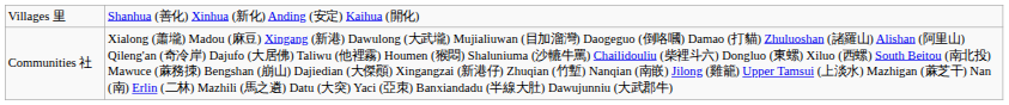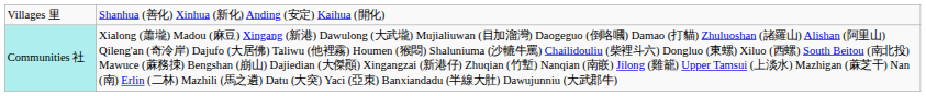 <table class="wikitable" width="100%" style="border:1px solid #ccc; margin:0;">
 <tr>
 <td width="10%">Villages 里</td>
 <td><a href='#'>Shanhua</a> (善化) <a href='#'>Xinhua</a> (新化) <a href='#'>Anding</a> (安定) <a href='#'>Kaihua</a> (開化)</td>
 </tr>
 <tr>
-<td>Communities 社</td>
+<td style="background: paleturquoise;">Communities 社</td>
 <td>Xialong (蕭壠) Madou (麻豆) <a href='#'>Xingang</a> (新港) Dawulong (大武壠) Mujialiuwan (目加溜灣) Daogeguo (倒咯嘓) Damao (打貓) <a href='#'>Zhuluoshan</a> (諸羅山) <a href='#'>Alishan</a> (阿里山) Qileng'an (奇冷岸) Dajufo (大居佛) Taliwu (他裡霧) Houmen (猴悶) Shaluniuma (沙轆牛罵) <a href='#'>Chailidouliu</a> (柴裡斗六) Dongluo (東螺) Xiluo (西螺) <a href='#'>South Beitou</a> (南北投) Mawuce (蔴務拺) Bengshan (崩山) Dajiedian (大傑顚) Xingangzai (新港仔) Zhuqian (竹塹) Nanqian (南嵌) <a href='#'>Jilong</a> (雞籠) <a href='#'>Upper Tamsui</a> (上淡水) Mazhigan (蔴芝干) Nan (南) <a href='#'>Erlin</a> (二林) Mazhili (馬之遴) Datu (大突) Yaci (亞朿) Banxiandadu (半線大肚) Dawujunniu (大武郡牛)</td>
 </tr>
 </table>
